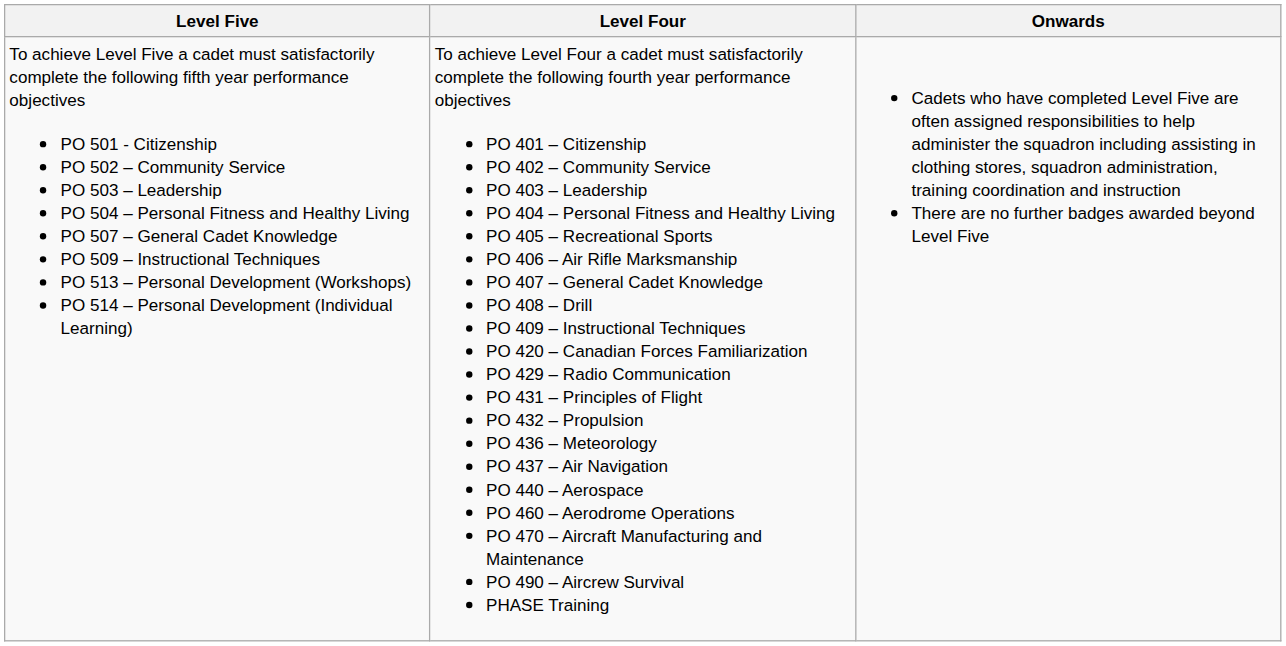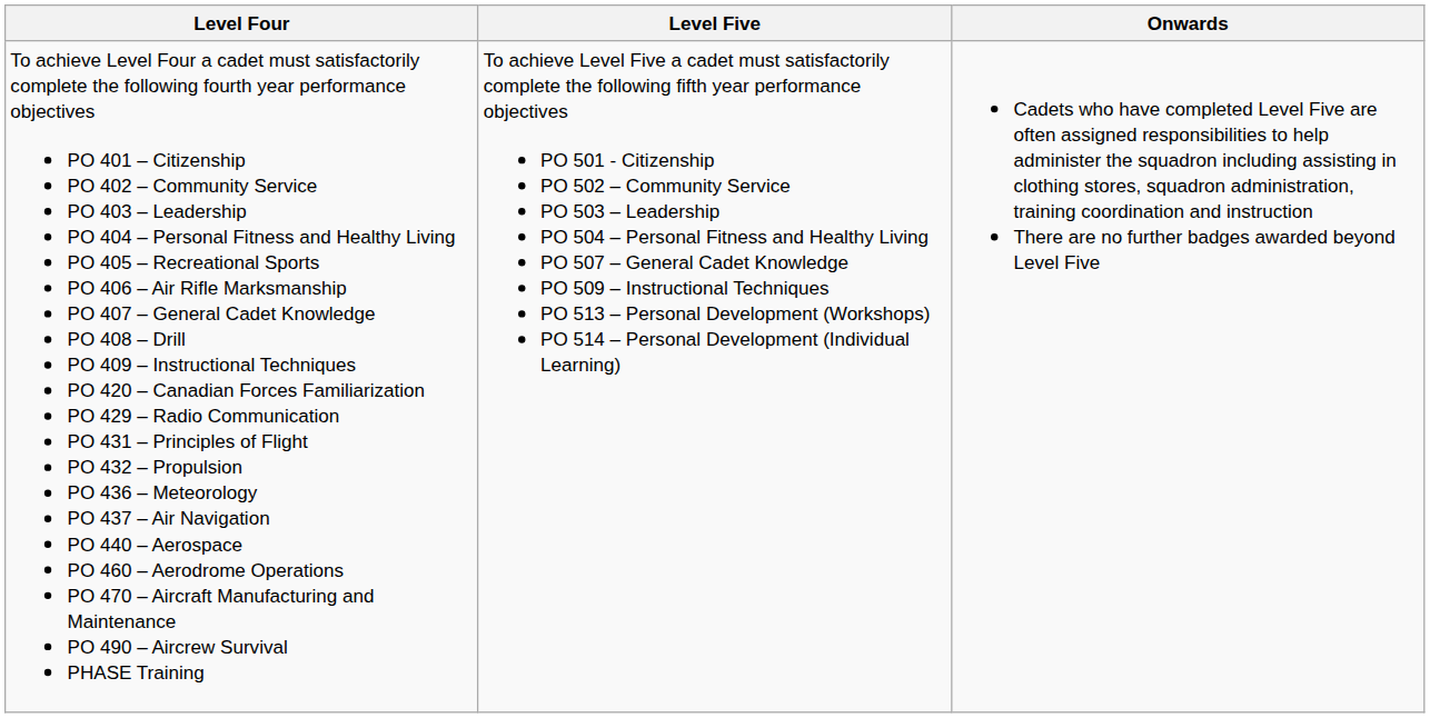 <table class="wikitable">
 <tr>
+<th style="text-align:center; width:325px;"><small>Level Four</small></th>
 <th style="width:325px;"><small>Level Five</small></th>
-<th style="text-align:center; width:325px;"><small>Level Four</small></th>
 <th style="width:325px;"><small>Onwards</small></th>
 </tr>
 <tr>
+<td valign="top"><small>To achieve Level Four a cadet must satisfactorily complete the following fourth year performance objectives</small><br><ul><li><small>PO 401 – Citizenship</small></li><li><small>PO 402 – Community Service</small></li><li><small>PO 403 – Leadership</small></li><li><small>PO 404 – Personal Fitness and Healthy Living</small></li><li><small>PO 405 – Recreational Sports</small></li><li><small>PO 406 – Air Rifle Marksmanship</small></li><li><small>PO 407 – General Cadet Knowledge</small></li><li><small>PO 408 – Drill</small></li><li><small>PO 409 – Instructional Techniques</small></li><li><small>PO 420 – Canadian Forces Familiarization</small></li><li><small>PO 429 – Radio Communication</small></li><li><small>PO 431 – Principles of Flight</small></li><li><small>PO 432 – Propulsion</small></li><li><small>PO 436 – Meteorology</small></li><li><small>PO 437 – Air Navigation</small></li><li><small>PO 440 – Aerospace</small></li><li><small>PO 460 – Aerodrome Operations</small></li><li><small>PO 470 – Aircraft Manufacturing and Maintenance</small></li><li><small>PO 490 – Aircrew Survival</small></li><li><small>PHASE Training</small></li></ul></td>
 <td valign="top"><small>To achieve Level Five a cadet must satisfactorily complete the following fifth year performance objectives</small><br><ul><li><small>PO 501 - Citizenship </small></li><li><small>PO 502 – Community Service </small></li><li><small>PO 503 – Leadership</small></li><li><small>PO 504 – Personal Fitness and Healthy Living </small></li><li><small>PO 507 – General Cadet Knowledge</small></li><li><small>PO 509 – Instructional Techniques</small></li><li><small>PO 513 – Personal Development (Workshops)</small></li><li><small>PO 514 – Personal Development (Individual Learning)</small></li></ul></td>
-<td valign="top"><small>To achieve Level Four a cadet must satisfactorily complete the following fourth year performance objectives</small><br><ul><li><small>PO 401 – Citizenship</small></li><li><small>PO 402 – Community Service</small></li><li><small>PO 403 – Leadership</small></li><li><small>PO 404 – Personal Fitness and Healthy Living</small></li><li><small>PO 405 – Recreational Sports</small></li><li><small>PO 406 – Air Rifle Marksmanship</small></li><li><small>PO 407 – General Cadet Knowledge</small></li><li><small>PO 408 – Drill</small></li><li><small>PO 409 – Instructional Techniques</small></li><li><small>PO 420 – Canadian Forces Familiarization</small></li><li><small>PO 429 – Radio Communication</small></li><li><small>PO 431 – Principles of Flight</small></li><li><small>PO 432 – Propulsion</small></li><li><small>PO 436 – Meteorology</small></li><li><small>PO 437 – Air Navigation</small></li><li><small>PO 440 – Aerospace</small></li><li><small>PO 460 – Aerodrome Operations</small></li><li><small>PO 470 – Aircraft Manufacturing and Maintenance</small></li><li><small>PO 490 – Aircrew Survival</small></li><li><small>PHASE Training</small></li></ul></td>
 <td valign="top"><br><ul><li><small>Cadets who have completed Level Five are often assigned responsibilities to help administer the squadron including assisting in clothing stores, squadron administration, training coordination and instruction</small></li><li><small>There are no further badges awarded beyond Level Five</small></li></ul></td>
 </tr>
 </table>
